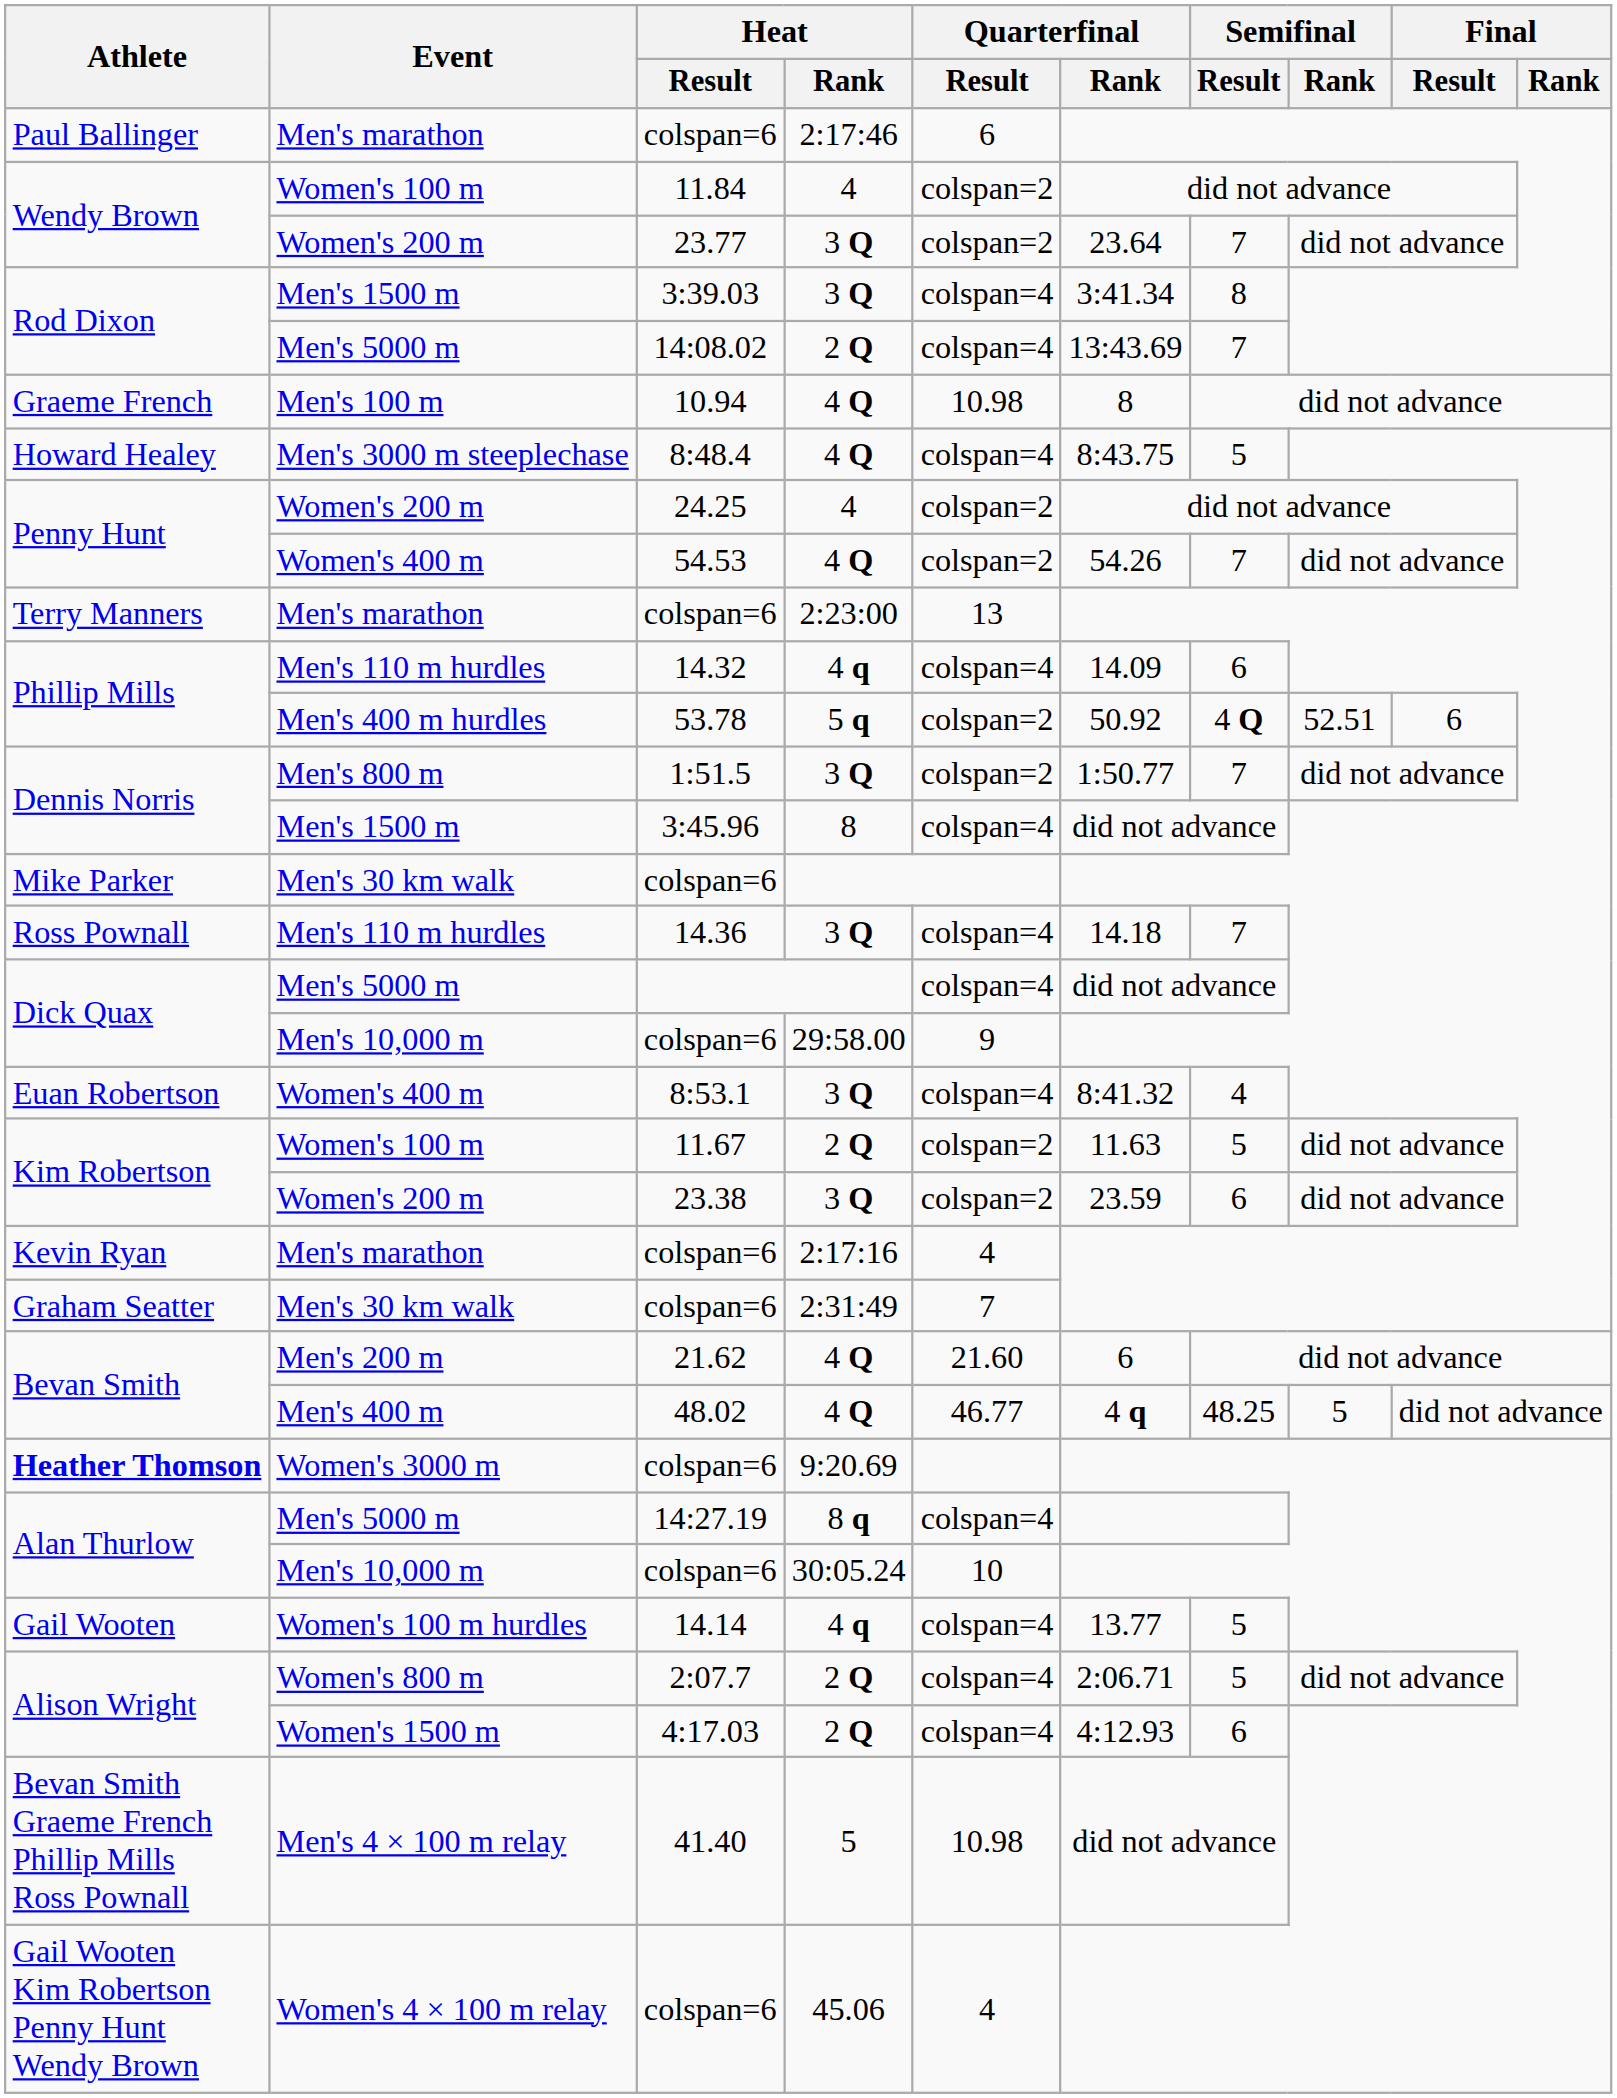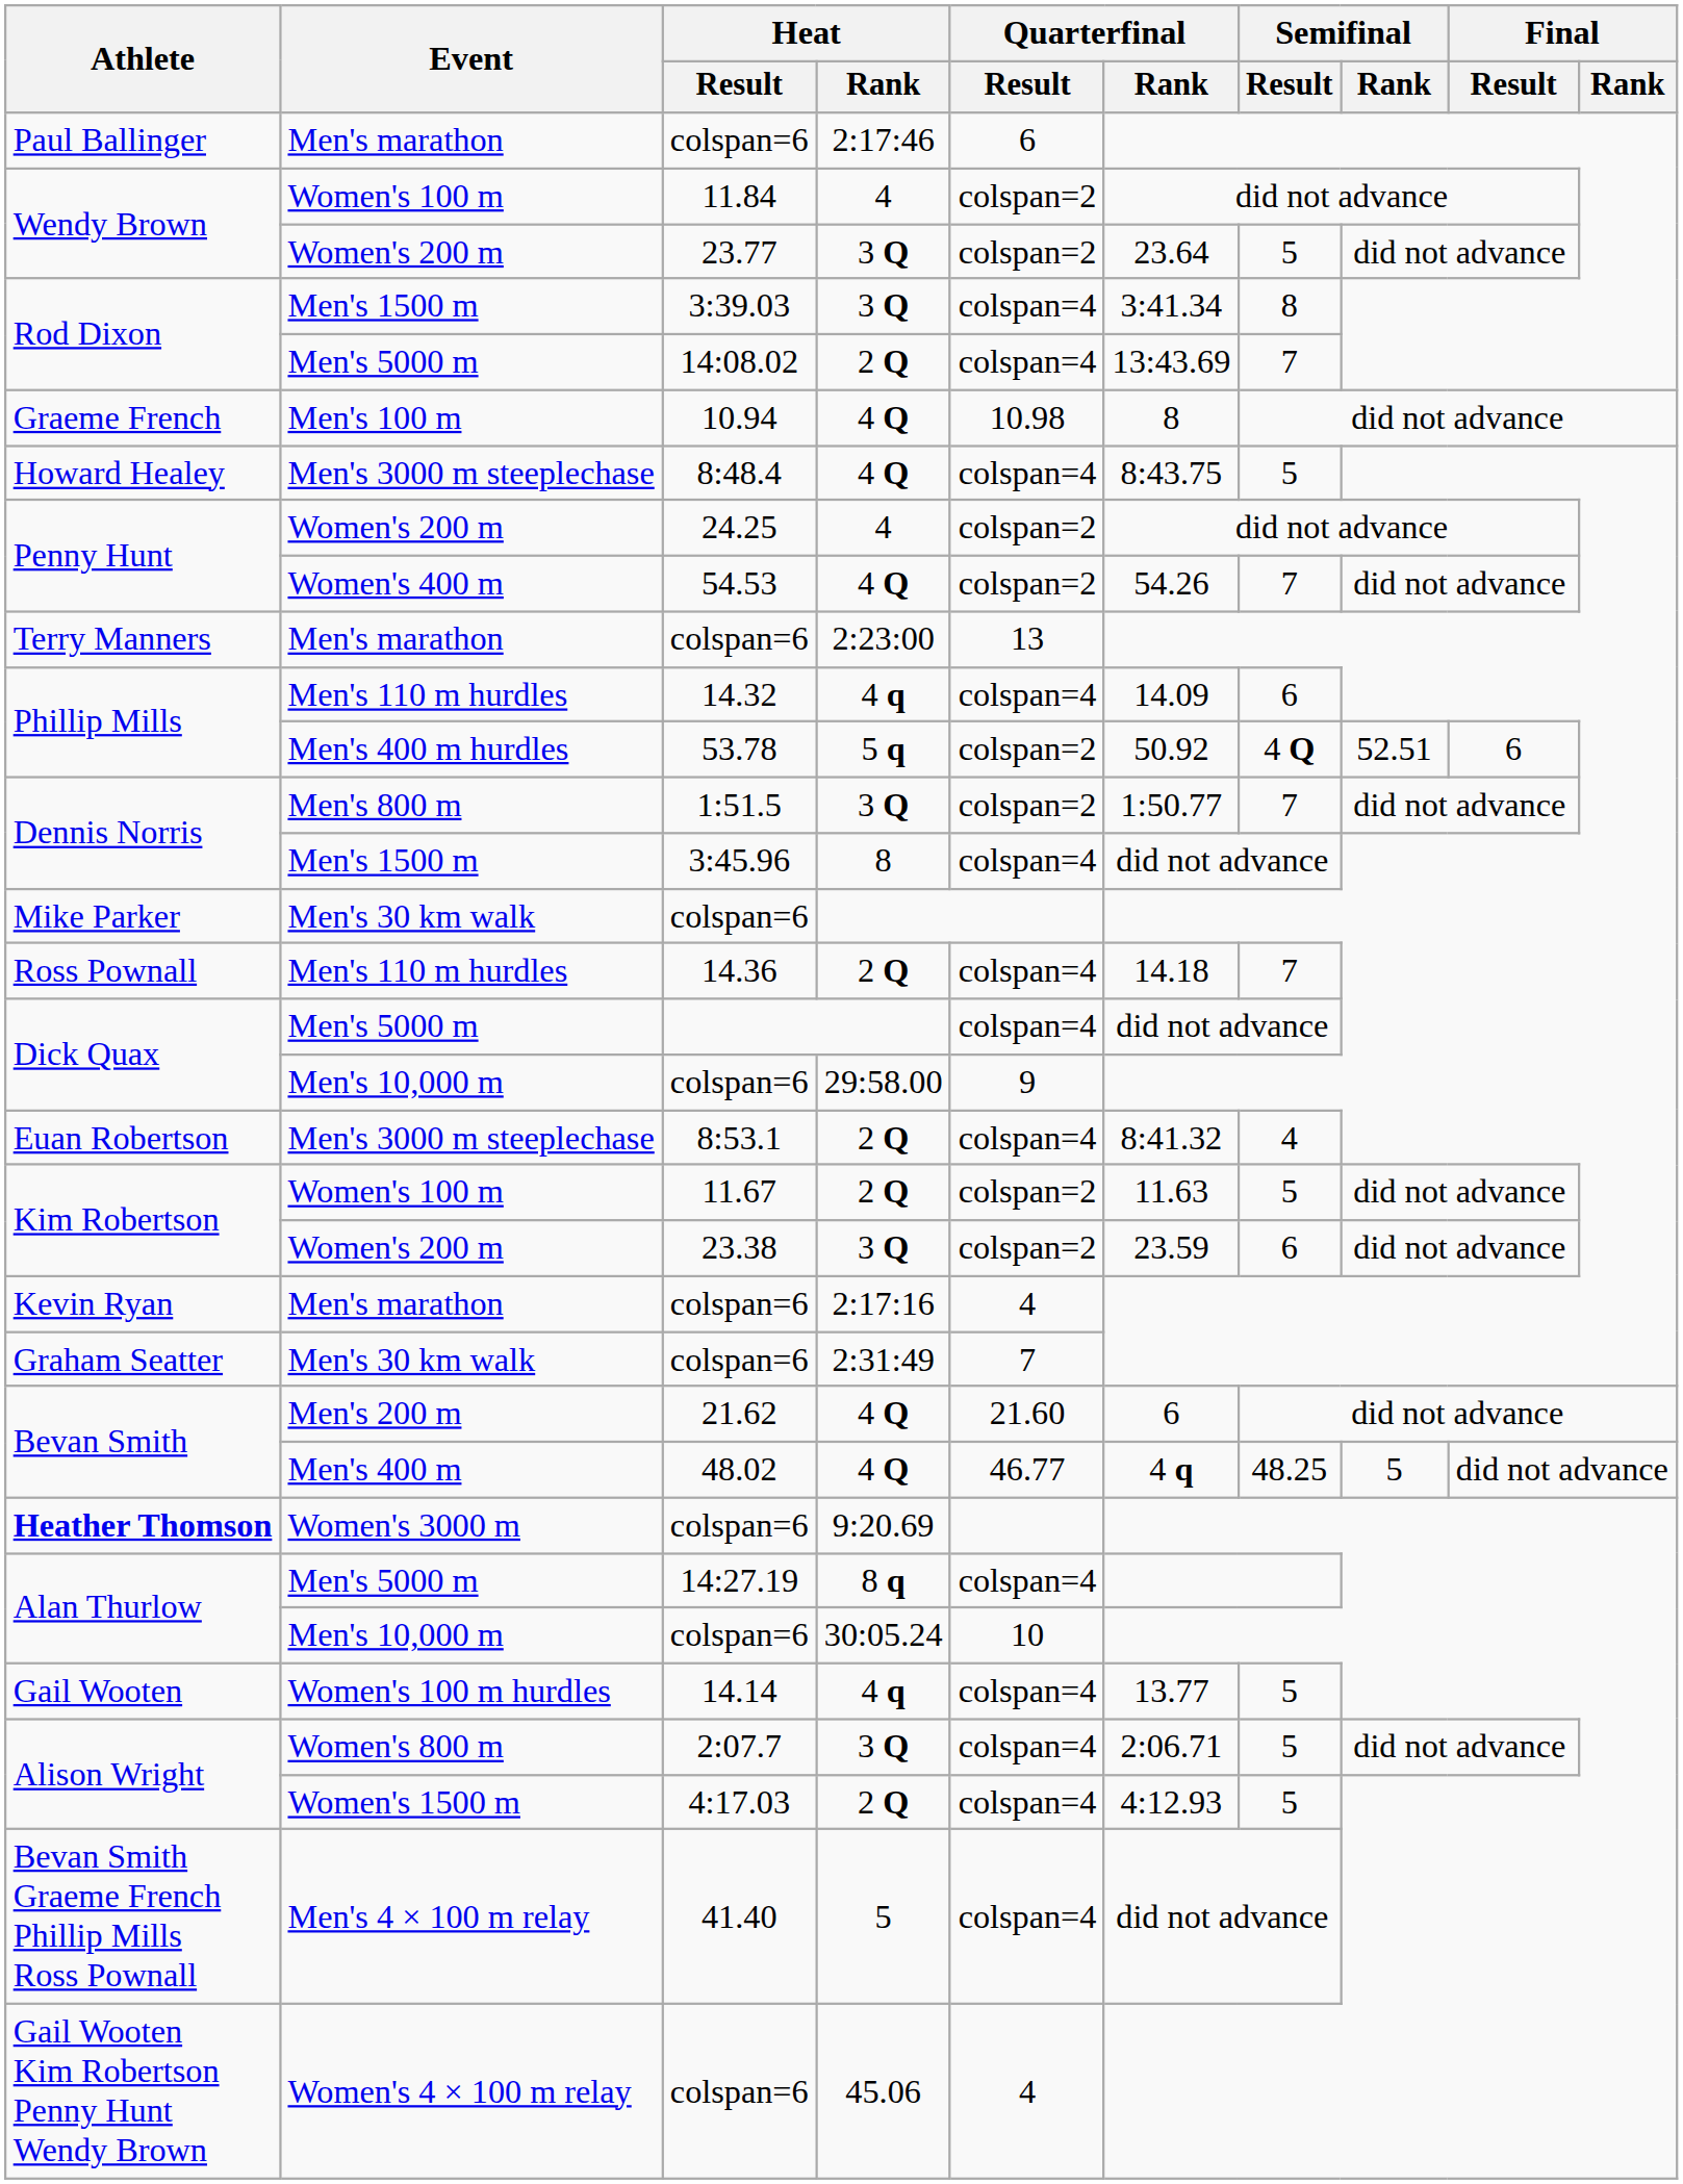 <table class=wikitable style=font-size:90%>
 <tr>
 <th rowspan=2>Athlete</th>
 <th rowspan=2>Event</th>
 <th colspan=2>Heat</th>
 <th colspan=2>Quarterfinal</th>
 <th colspan=2>Semifinal</th>
 <th colspan=2>Final</th>
 </tr>
 <tr style=font-size:95%>
 <th>Result</th>
 <th>Rank</th>
 <th>Result</th>
 <th>Rank</th>
 <th>Result</th>
 <th>Rank</th>
 <th>Result</th>
 <th>Rank</th>
 </tr>
 <tr align=center>
 <td align=left><a href='#'>Paul Ballinger</a></td>
 <td align=left><a href='#'>Men's marathon</a></td>
 <td>colspan=6 </td>
 <td>2:17:46</td>
 <td>6</td>
 </tr>
 <tr align=center>
 <td align=left rowspan=2><a href='#'>Wendy Brown</a></td>
 <td align=left><a href='#'>Women's 100 m</a></td>
 <td>11.84</td>
 <td>4</td>
 <td>colspan=2 </td>
 <td colspan=4>did not advance</td>
 </tr>
 <tr align=center>
 <td align=left><a href='#'>Women's 200 m</a></td>
 <td>23.77</td>
 <td>3 <strong>Q</strong></td>
 <td>colspan=2 </td>
 <td>23.64</td>
-<td>7</td>
+<td>5</td>
 <td colspan=2>did not advance</td>
 </tr>
 <tr align=center>
 <td align=left rowspan=2><a href='#'>Rod Dixon</a></td>
 <td align=left><a href='#'>Men's 1500 m</a></td>
 <td>3:39.03</td>
 <td>3 <strong>Q</strong></td>
 <td>colspan=4 </td>
 <td>3:41.34</td>
 <td>8</td>
 </tr>
 <tr align=center>
 <td align=left><a href='#'>Men's 5000 m</a></td>
 <td>14:08.02</td>
 <td>2 <strong>Q</strong></td>
 <td>colspan=4 </td>
 <td>13:43.69</td>
 <td>7</td>
 </tr>
 <tr align=center>
 <td align=left><a href='#'>Graeme French</a></td>
 <td align=left><a href='#'>Men's 100 m</a></td>
 <td>10.94</td>
 <td>4 <strong>Q</strong></td>
 <td>10.98</td>
 <td>8</td>
 <td colspan=4>did not advance</td>
 </tr>
 <tr align=center>
 <td align=left><a href='#'>Howard Healey</a></td>
 <td align=left><a href='#'>Men's 3000 m steeplechase</a></td>
 <td>8:48.4</td>
 <td>4 <strong>Q</strong></td>
 <td>colspan=4 </td>
 <td>8:43.75</td>
 <td>5</td>
 </tr>
 <tr align=center>
 <td align=left rowspan=2><a href='#'>Penny Hunt</a></td>
 <td align=left><a href='#'>Women's 200 m</a></td>
 <td>24.25</td>
 <td>4</td>
 <td>colspan=2 </td>
 <td colspan=4>did not advance</td>
 </tr>
 <tr align=center>
 <td align=left><a href='#'>Women's 400 m</a></td>
 <td>54.53</td>
 <td>4 <strong>Q</strong></td>
 <td>colspan=2 </td>
 <td>54.26</td>
 <td>7</td>
 <td colspan=2>did not advance</td>
 </tr>
 <tr align=center>
 <td align=left><a href='#'>Terry Manners</a></td>
 <td align=left><a href='#'>Men's marathon</a></td>
 <td>colspan=6 </td>
 <td>2:23:00</td>
 <td>13</td>
 </tr>
 <tr align=center>
 <td align=left rowspan=2><a href='#'>Phillip Mills</a></td>
 <td align=left><a href='#'>Men's 110 m hurdles</a></td>
 <td>14.32</td>
 <td>4 <strong>q</strong></td>
 <td>colspan=4 </td>
 <td>14.09</td>
 <td>6</td>
 </tr>
 <tr align=center>
 <td align=left><a href='#'>Men's 400 m hurdles</a></td>
 <td>53.78</td>
 <td>5 <strong>q</strong></td>
 <td>colspan=2 </td>
 <td>50.92</td>
 <td>4 <strong>Q</strong></td>
 <td>52.51</td>
 <td>6</td>
 </tr>
 <tr align=center>
 <td align=left rowspan=2><a href='#'>Dennis Norris</a></td>
 <td align=left><a href='#'>Men's 800 m</a></td>
 <td>1:51.5</td>
 <td>3 <strong>Q</strong></td>
 <td>colspan=2 </td>
 <td>1:50.77</td>
 <td>7</td>
 <td colspan=2>did not advance</td>
 </tr>
 <tr align=center>
 <td align=left><a href='#'>Men's 1500 m</a></td>
 <td>3:45.96</td>
 <td>8</td>
 <td>colspan=4 </td>
 <td colspan=2>did not advance</td>
 </tr>
 <tr align=center>
 <td align=left><a href='#'>Mike Parker</a></td>
 <td align=left><a href='#'>Men's 30 km walk</a></td>
 <td>colspan=6 </td>
 <td colspan=2></td>
 </tr>
 <tr align=center>
 <td align=left><a href='#'>Ross Pownall</a></td>
 <td align=left><a href='#'>Men's 110 m hurdles</a></td>
 <td>14.36</td>
-<td>3 <strong>Q</strong></td>
+<td>2 <strong>Q</strong></td>
 <td>colspan=4 </td>
 <td>14.18</td>
 <td>7</td>
 </tr>
 <tr align=center>
 <td align=left rowspan=2><a href='#'>Dick Quax</a></td>
 <td align=left><a href='#'>Men's 5000 m</a></td>
 <td colspan=2></td>
 <td>colspan=4 </td>
 <td colspan=2>did not advance</td>
 </tr>
 <tr align=center>
 <td align=left><a href='#'>Men's 10,000 m</a></td>
 <td>colspan=6 </td>
 <td>29:58.00</td>
 <td>9</td>
 </tr>
 <tr align=center>
 <td align=left><a href='#'>Euan Robertson</a></td>
-<td align=left><a href='#'>Women's 400 m</a></td>
+<td align=left><a href='#'>Men's 3000 m steeplechase</a></td>
 <td>8:53.1</td>
-<td>3 <strong>Q</strong></td>
+<td>2 <strong>Q</strong></td>
 <td>colspan=4 </td>
 <td>8:41.32</td>
 <td>4</td>
 </tr>
 <tr align=center>
 <td align=left rowspan=2><a href='#'>Kim Robertson</a></td>
 <td align=left><a href='#'>Women's 100 m</a></td>
 <td>11.67</td>
 <td>2 <strong>Q</strong></td>
 <td>colspan=2 </td>
 <td>11.63</td>
 <td>5</td>
 <td colspan=2>did not advance</td>
 </tr>
 <tr align=center>
 <td align=left><a href='#'>Women's 200 m</a></td>
 <td>23.38</td>
 <td>3 <strong>Q</strong></td>
 <td>colspan=2 </td>
 <td>23.59</td>
 <td>6</td>
 <td colspan=2>did not advance</td>
 </tr>
 <tr align=center>
 <td align=left><a href='#'>Kevin Ryan</a></td>
 <td align=left><a href='#'>Men's marathon</a></td>
 <td>colspan=6 </td>
 <td>2:17:16</td>
 <td>4</td>
 </tr>
 <tr align=center>
 <td align=left><a href='#'>Graham Seatter</a></td>
 <td align=left><a href='#'>Men's 30 km walk</a></td>
 <td>colspan=6 </td>
 <td>2:31:49</td>
 <td>7</td>
 </tr>
 <tr align=center>
 <td align=left rowspan=2><a href='#'>Bevan Smith</a></td>
 <td align=left><a href='#'>Men's 200 m</a></td>
 <td>21.62</td>
 <td>4 <strong>Q</strong></td>
 <td>21.60</td>
 <td>6</td>
 <td colspan=4>did not advance</td>
 </tr>
 <tr align=center>
 <td align=left><a href='#'>Men's 400 m</a></td>
 <td>48.02</td>
 <td>4 <strong>Q</strong></td>
 <td>46.77</td>
 <td>4 <strong>q</strong></td>
 <td>48.25</td>
 <td>5</td>
 <td colspan=2>did not advance</td>
 </tr>
 <tr align=center>
 <td align=left><strong><a href='#'>Heather Thomson</a></strong></td>
 <td align=left><a href='#'>Women's 3000 m</a></td>
 <td>colspan=6 </td>
 <td>9:20.69</td>
 <td></td>
 </tr>
 <tr align=center>
 <td align=left rowspan=2><a href='#'>Alan Thurlow</a></td>
 <td align=left><a href='#'>Men's 5000 m</a></td>
 <td>14:27.19</td>
 <td>8 <strong>q</strong></td>
 <td>colspan=4 </td>
 <td colspan=2></td>
 </tr>
 <tr align=center>
 <td align=left><a href='#'>Men's 10,000 m</a></td>
 <td>colspan=6 </td>
 <td>30:05.24</td>
 <td>10</td>
 </tr>
 <tr align=center>
 <td align=left><a href='#'>Gail Wooten</a></td>
 <td align=left><a href='#'>Women's 100 m hurdles</a></td>
 <td>14.14</td>
 <td>4 <strong>q</strong></td>
 <td>colspan=4 </td>
 <td>13.77</td>
 <td>5</td>
 </tr>
 <tr align=center>
 <td align=left rowspan=2><a href='#'>Alison Wright</a></td>
 <td align=left><a href='#'>Women's 800 m</a></td>
 <td>2:07.7</td>
-<td>2 <strong>Q</strong></td>
+<td>3 <strong>Q</strong></td>
 <td>colspan=4 </td>
 <td>2:06.71</td>
 <td>5</td>
 <td colspan=2>did not advance</td>
 </tr>
 <tr align=center>
 <td align=left><a href='#'>Women's 1500 m</a></td>
 <td>4:17.03</td>
 <td>2 <strong>Q</strong></td>
 <td>colspan=4 </td>
 <td>4:12.93</td>
-<td>6</td>
+<td>5</td>
 </tr>
 <tr align=center>
 <td align=left><a href='#'>Bevan Smith</a><br><a href='#'>Graeme French</a><br><a href='#'>Phillip Mills</a><br><a href='#'>Ross Pownall</a></td>
 <td align=left><a href='#'>Men's 4 × 100 m relay</a></td>
 <td>41.40</td>
 <td>5</td>
-<td>10.98</td>
+<td>colspan=4 </td>
 <td colspan=2>did not advance</td>
 </tr>
 <tr align=center>
 <td align=left><a href='#'>Gail Wooten</a><br><a href='#'>Kim Robertson</a><br><a href='#'>Penny Hunt</a><br><a href='#'>Wendy Brown</a></td>
 <td align=left><a href='#'>Women's 4 × 100 m relay</a></td>
 <td>colspan=6 </td>
 <td>45.06</td>
 <td>4</td>
 </tr>
 </table>
